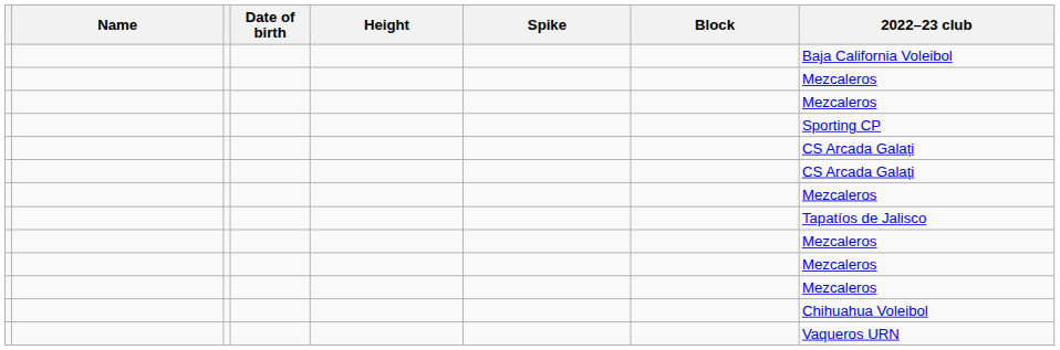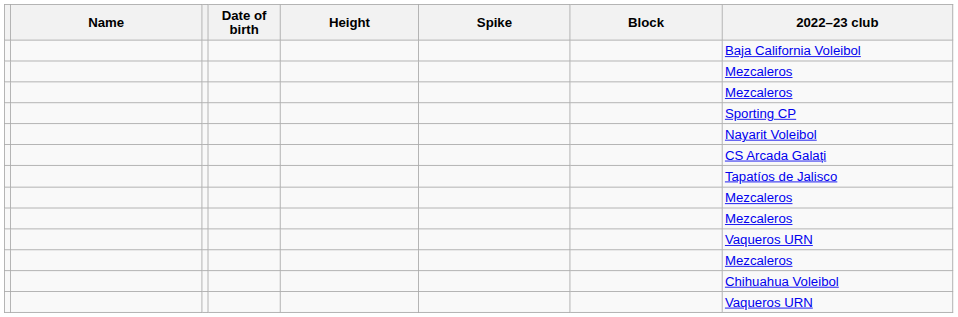 <table class="wikitable sortable" style="font-size:95%; text-align:center;">
 <tr>
 <th></th>
 <th style="width:14em">Name</th>
 <th></th>
 <th style="width:5em">Date of birth</th>
 <th style="width:10em">Height</th>
 <th style="width:11em">Spike</th>
 <th style="width:11em">Block</th>
 <th style="width:17em">2022–23 club</th>
 </tr>
 <tr>
 <td></td>
 <td align=left></td>
 <td></td>
 <td align=right></td>
 <td></td>
 <td></td>
 <td></td>
 <td align=left> <a href='#'>Baja California Voleibol</a></td>
 </tr>
 <tr>
 <td></td>
 <td align=left></td>
 <td></td>
 <td align=right></td>
 <td></td>
 <td></td>
 <td></td>
 <td align=left> <a href='#'>Mezcaleros</a></td>
 </tr>
 <tr>
 <td></td>
 <td align=left></td>
 <td></td>
 <td align=right></td>
 <td></td>
 <td></td>
 <td></td>
 <td align=left> <a href='#'>Mezcaleros</a></td>
 </tr>
 <tr>
 <td></td>
 <td align=left></td>
 <td></td>
 <td align=right></td>
 <td></td>
 <td></td>
 <td></td>
 <td align=left> <a href='#'>Sporting CP</a></td>
 </tr>
 <tr>
 <td></td>
 <td align=left></td>
 <td></td>
 <td align=right></td>
 <td></td>
 <td></td>
 <td></td>
-<td align=left> <a href='#'>CS Arcada Galați</a></td>
+<td align=left> <a href='#'>Nayarit Voleibol</a></td>
 </tr>
 <tr>
 <td></td>
 <td align=left></td>
 <td></td>
 <td align=right></td>
 <td></td>
 <td></td>
 <td></td>
 <td align=left> <a href='#'>CS Arcada Galați</a></td>
-</tr>
-<tr>
-<td></td>
-<td align=left></td>
-<td></td>
-<td align=right></td>
-<td></td>
-<td></td>
-<td></td>
-<td align=left> <a href='#'>Mezcaleros</a></td>
 </tr>
 <tr>
 <td></td>
 <td align=left></td>
 <td></td>
 <td align=right></td>
 <td></td>
 <td></td>
 <td></td>
 <td align=left> <a href='#'>Tapatíos de Jalisco</a></td>
 </tr>
 <tr>
 <td></td>
 <td align=left></td>
 <td></td>
 <td align=right></td>
 <td></td>
 <td></td>
 <td></td>
 <td align=left> <a href='#'>Mezcaleros</a></td>
 </tr>
 <tr>
 <td></td>
 <td align=left></td>
 <td></td>
 <td align=right></td>
 <td></td>
 <td></td>
 <td></td>
 <td align=left> <a href='#'>Mezcaleros</a></td>
 </tr>
 <tr>
 <td></td>
 <td align=left></td>
 <td></td>
 <td align=right></td>
 <td></td>
 <td></td>
 <td></td>
+<td align=left> <a href='#'>Vaqueros URN</a></td>
+</tr>
+<tr>
+<td></td>
+<td align=left></td>
+<td></td>
+<td align=right></td>
+<td></td>
+<td></td>
+<td></td>
 <td align=left> <a href='#'>Mezcaleros</a></td>
 </tr>
 <tr>
 <td></td>
 <td align=left></td>
 <td></td>
 <td align=right></td>
 <td></td>
 <td></td>
 <td></td>
 <td align=left> <a href='#'>Chihuahua Voleibol</a></td>
 </tr>
 <tr>
 <td></td>
 <td align=left></td>
 <td></td>
 <td align=right></td>
 <td></td>
 <td></td>
 <td></td>
 <td align=left> <a href='#'>Vaqueros URN</a></td>
 </tr>
 </table>
